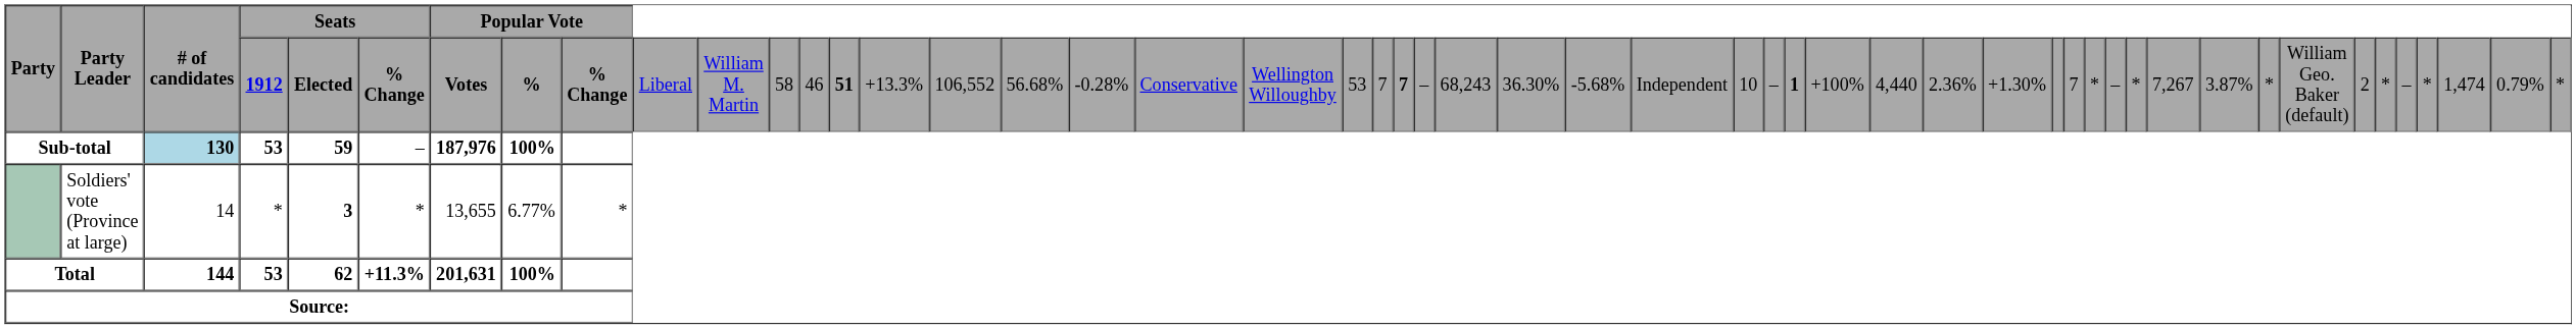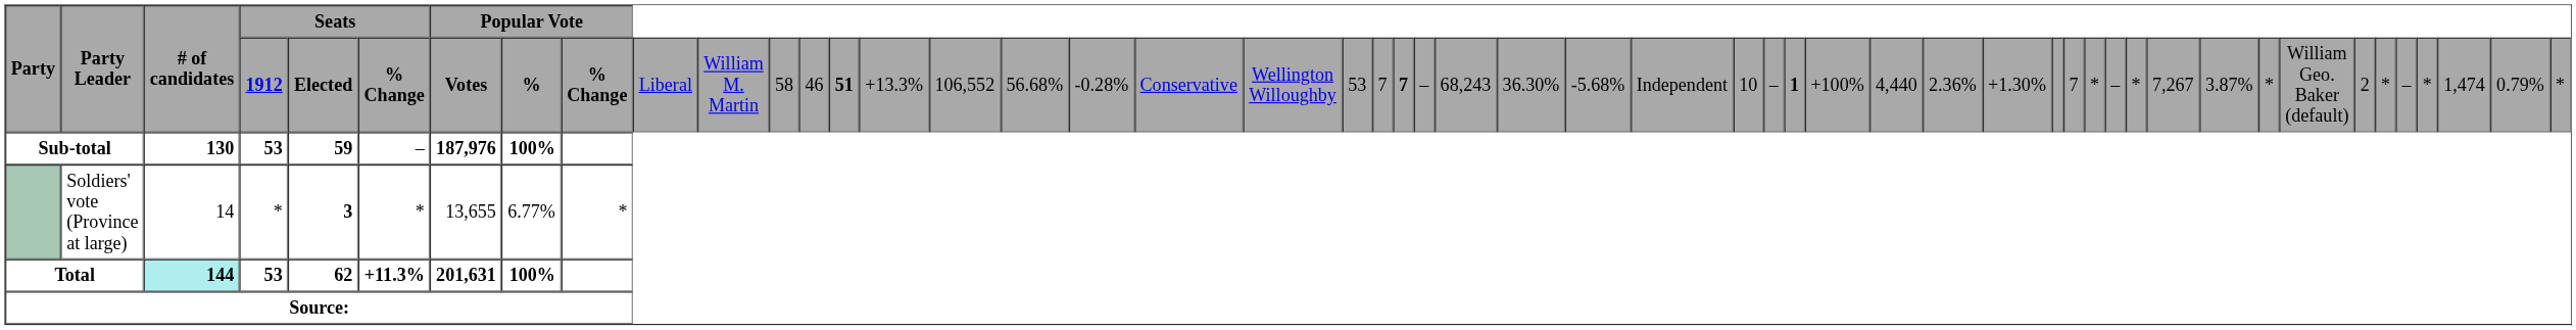 <table border=1 cellpadding=4 cellspacing=0 style="border-collapse: collapse border-color: #444444;">
 <tr bgcolor="darkgray">
 <th rowspan=2 colspan=2>Party</th>
 <th rowspan=2>Party Leader</th>
 <th rowspan=2># of<br>candidates</th>
 <th colspan=3>Seats</th>
 <th colspan=3>Popular Vote</th>
 </tr>
 <tr bgcolor="darkgray">
 <th><a href='#'>1912</a></th>
 <th>Elected</th>
 <th>% Change</th>
 <th>Votes</th>
 <th>%</th>
 <th>% Change<br></th>
 <td><a href='#'>Liberal</a></td>
 <td align="center"><a href='#'>William M. Martin</a></td>
 <td align="right">58</td>
 <td align="right">46</td>
 <td align="right"><strong>51</strong></td>
 <td align="right">+13.3%</td>
 <td align="right">106,552</td>
 <td align="right">56.68%</td>
 <td align="right">-0.28%<br></td>
 <td><a href='#'>Conservative</a></td>
 <td align="center"><a href='#'>Wellington Willoughby</a></td>
 <td align="right">53</td>
 <td align="right">7</td>
 <td align="right"><strong>7</strong></td>
 <td align="right">–</td>
 <td align="right">68,243</td>
 <td align="right">36.30%</td>
 <td align="right">-5.68%<br></td>
 <td colspan=2>Independent</td>
 <td align="right">10</td>
 <td align="right">–</td>
 <td align="right"><strong>1</strong></td>
 <td align="right">+100%</td>
 <td align="right">4,440</td>
 <td align="right">2.36%</td>
 <td align="right">+1.30%<br></td>
 <td align="center"></td>
 <td align="right">7</td>
 <td align="right">*</td>
 <td align="right">–</td>
 <td align="right">*</td>
 <td align="right">7,267</td>
 <td align="right">3.87%</td>
 <td align="right">*<br></td>
 <td align="center">William Geo. Baker<br>(default)</td>
 <td align="right">2</td>
 <td align="right">*</td>
 <td align="right">–</td>
 <td align="right">*</td>
 <td align="right">1,474</td>
 <td align="right">0.79%</td>
 <td align="right">*</td>
 </tr>
 <tr>
 <th colspan=3>Sub-total</th>
-<td align="right" style="background: lightblue;"><strong>130</strong></td>
+<td align="right"><strong>130</strong></td>
 <td align="right"><strong>53</strong></td>
 <td align="right"><strong>59</strong></td>
 <td align="right">–</td>
 <td align="right"><strong>187,976</strong></td>
 <td align="right"><strong>100%</strong></td>
 <td align="right"> </td>
 </tr>
 <tr>
 <td bgcolor="#A6C8B5"></td>
 <td colspan=2>Soldiers' vote (Province at large)</td>
 <td align="right">14</td>
 <td align="right">*</td>
 <td align="right"><strong>3</strong></td>
 <td align="right">*</td>
 <td align="right">13,655</td>
 <td align="right">6.77%</td>
 <td align="right">*</td>
 </tr>
 <tr>
 <th colspan=3>Total</th>
-<td align="right"><strong>144</strong></td>
+<td align="right" style="background: paleturquoise;"><strong>144</strong></td>
 <td align="right"><strong>53</strong></td>
 <td align="right"><strong>62</strong></td>
 <td align="right"><strong>+11.3%</strong></td>
 <td align="right"><strong>201,631</strong></td>
 <td align="right"><strong>100%</strong></td>
 <th> </th>
 </tr>
 <tr>
 <td align="center" colspan=10><strong>Source:</strong> </td>
 </tr>
 <tr>
 </tr>
 </table>
